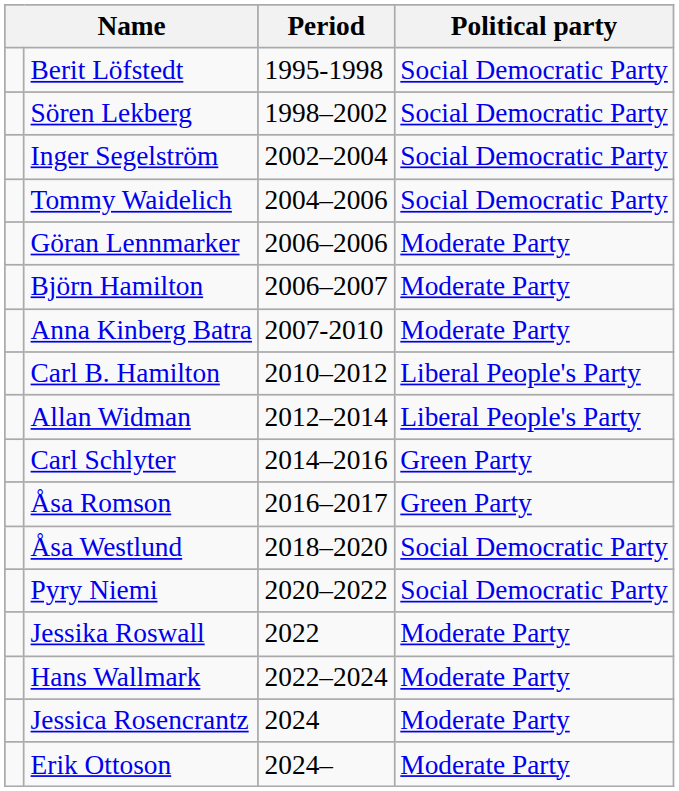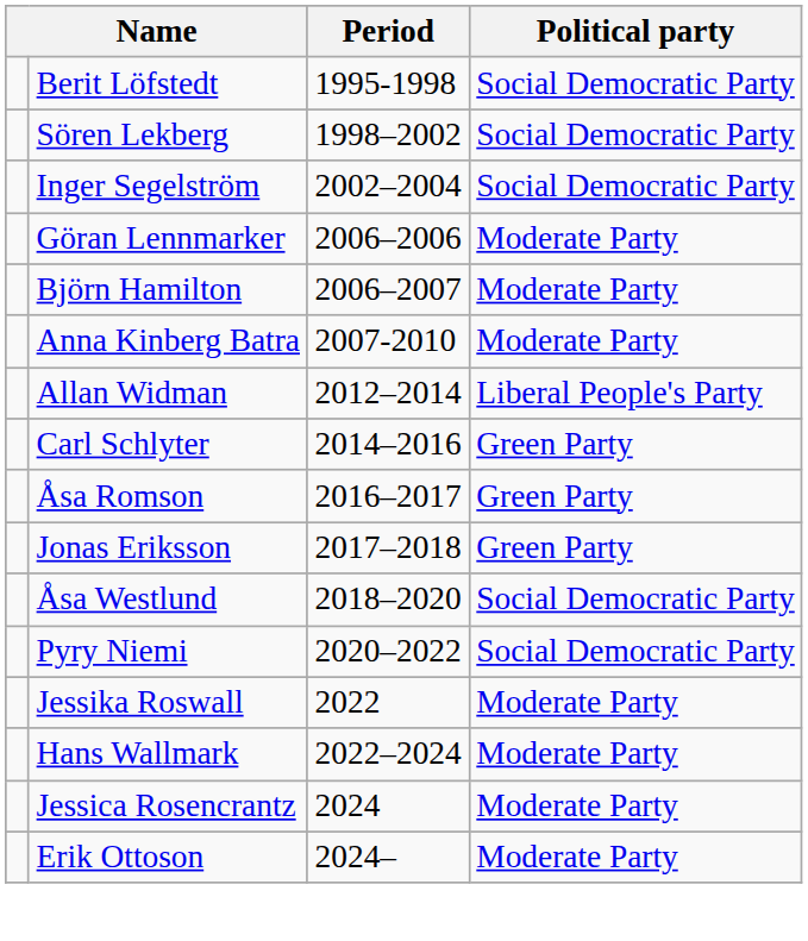 <table class="wikitable">
 <tr>
 <th colspan="2">Name</th>
 <th>Period</th>
 <th>Political party</th>
 </tr>
 <tr>
 <td> </td>
 <td><a href='#'>Berit Löfstedt</a></td>
 <td>1995-1998</td>
 <td><a href='#'>Social Democratic Party</a></td>
 </tr>
 <tr>
 <td> </td>
 <td><a href='#'>Sören Lekberg</a></td>
 <td>1998–2002</td>
 <td><a href='#'>Social Democratic Party</a></td>
 </tr>
 <tr>
 <td> </td>
 <td><a href='#'>Inger Segelström</a></td>
 <td>2002–2004</td>
 <td><a href='#'>Social Democratic Party</a></td>
 </tr>
 <tr>
 <td> </td>
-<td><a href='#'>Tommy Waidelich</a></td>
-<td>2004–2006</td>
-<td><a href='#'>Social Democratic Party</a></td>
-</tr>
-<tr>
-<td> </td>
 <td><a href='#'>Göran Lennmarker</a></td>
 <td>2006–2006</td>
 <td><a href='#'>Moderate Party</a></td>
 </tr>
 <tr>
 <td> </td>
 <td><a href='#'>Björn Hamilton</a></td>
 <td>2006–2007</td>
 <td><a href='#'>Moderate Party</a></td>
 </tr>
 <tr>
 <td> </td>
 <td><a href='#'>Anna Kinberg Batra</a></td>
 <td>2007-2010</td>
 <td><a href='#'>Moderate Party</a></td>
 </tr>
 <tr>
 <td> </td>
-<td><a href='#'>Carl B. Hamilton</a></td>
-<td>2010–2012</td>
-<td><a href='#'>Liberal People's Party</a></td>
-</tr>
-<tr>
-<td> </td>
 <td><a href='#'>Allan Widman</a></td>
 <td>2012–2014</td>
 <td><a href='#'>Liberal People's Party</a></td>
 </tr>
 <tr>
 <td> </td>
 <td><a href='#'>Carl Schlyter</a></td>
 <td>2014–2016</td>
 <td><a href='#'>Green Party</a></td>
 </tr>
 <tr>
 <td> </td>
 <td><a href='#'>Åsa Romson</a></td>
 <td>2016–2017</td>
+<td><a href='#'>Green Party</a></td>
+</tr>
+<tr>
+<td> </td>
+<td><a href='#'>Jonas Eriksson</a></td>
+<td>2017–2018</td>
 <td><a href='#'>Green Party</a></td>
 </tr>
 <tr>
 <td> </td>
 <td><a href='#'>Åsa Westlund</a></td>
 <td>2018–2020</td>
 <td><a href='#'>Social Democratic Party</a></td>
 </tr>
 <tr>
 <td> </td>
 <td><a href='#'>Pyry Niemi</a></td>
 <td>2020–2022</td>
 <td><a href='#'>Social Democratic Party</a></td>
 </tr>
 <tr>
 <td> </td>
 <td><a href='#'>Jessika Roswall</a></td>
 <td>2022</td>
 <td><a href='#'>Moderate Party</a></td>
 </tr>
 <tr>
 <td> </td>
 <td><a href='#'>Hans Wallmark</a></td>
 <td>2022–2024</td>
 <td><a href='#'>Moderate Party</a></td>
 </tr>
 <tr>
 <td> </td>
 <td><a href='#'>Jessica Rosencrantz</a></td>
 <td>2024</td>
 <td><a href='#'>Moderate Party</a></td>
 </tr>
 <tr>
 <td> </td>
 <td><a href='#'>Erik Ottoson</a></td>
 <td>2024–</td>
 <td><a href='#'>Moderate Party</a></td>
 </tr>
 </table>
